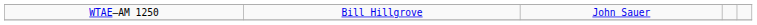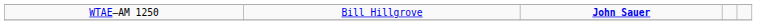 <table style="min-width:80%;text-align:center;" class="wikitable">
 <tr>
 </tr>
 <tr>
 <td><a href='#'>WTAE</a>–AM 1250</td>
 <td><a href='#'>Bill Hillgrove</a></td>
-<td><a href='#'>John Sauer</a></td>
+<td><strong><a href='#'>John Sauer</a></strong></td>
 <td></td>
 <td></td>
 </tr>
 <tr>
 </tr>
 </table>
